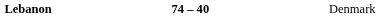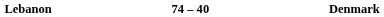 <table width=75% cellspacing=1>
 <tr>
 <th width=25%></th>
 <th width=25%></th>
 <th width=25%></th>
 </tr>
 <tr style=font-size:90%>
 <td align=right><strong>Lebanon</strong></td>
 <td align=center><strong>74 – 40</strong></td>
-<td>Denmark</td>
+<td><strong>Denmark</strong></td>
 </tr>
 </table>
